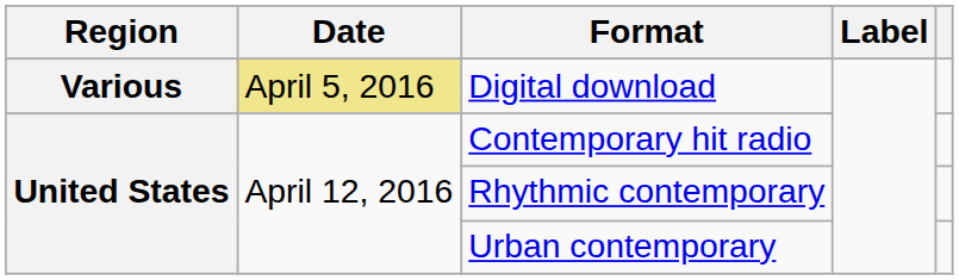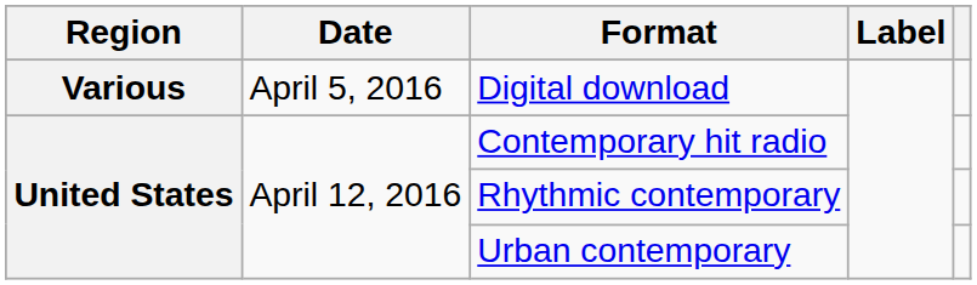 <table class="wikitable sortable plainrowheaders">
 <tr>
 <th scope="col">Region</th>
 <th scope="col">Date</th>
 <th scope="col">Format</th>
 <th scope="col">Label</th>
 <th scope="col"></th>
 </tr>
 <tr>
 <th scope="row">Various</th>
-<td style="background: khaki;">April 5, 2016</td>
+<td>April 5, 2016</td>
 <td><a href='#'>Digital download</a></td>
 <td rowspan="5"></td>
 <td></td>
 </tr>
 <tr>
 <th rowspan="3" scope="row">United States</th>
 <td rowspan="3">April 12, 2016</td>
 <td><a href='#'>Contemporary hit radio</a></td>
 <td></td>
 </tr>
 <tr>
 <td><a href='#'>Rhythmic contemporary</a></td>
 <td></td>
 </tr>
 <tr>
 <td><a href='#'>Urban contemporary</a></td>
 <td></td>
 </tr>
 </table>
